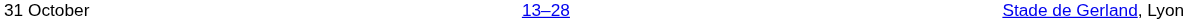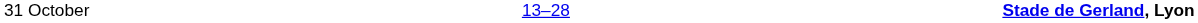 <table style="width:100%;" cellspacing="1">
 <tr>
 <th width=15%></th>
 <th width=25%></th>
 <th width=10%></th>
 <th width=25%></th>
 </tr>
 <tr style=font-size:90%>
 <td align=right>31 October</td>
 <td align=right></td>
 <td align=center><a href='#'>13–28</a></td>
 <td></td>
-<td><a href='#'>Stade de Gerland</a>, Lyon</td>
+<td><strong><a href='#'>Stade de Gerland</a>, Lyon</strong></td>
 </tr>
 </table>
